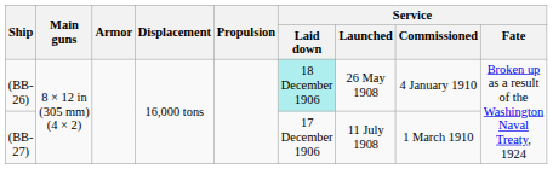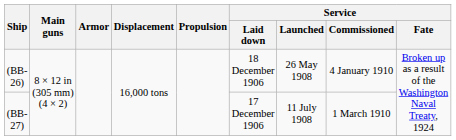 <table class="wikitable" style="width:98%;">
 <tr valign="center">
 <th scope="col" rowspan="2" style="text-align:center; width:14%;">Ship</th>
 <th scope="col" style="text-align:center;" rowspan="2">Main guns</th>
 <th scope="col" style="text-align:center;" rowspan="2">Armor</th>
 <th scope="col" style="text-align:center;" rowspan="2">Displacement</th>
 <th scope="col" style="text-align:center;" rowspan="2">Propulsion</th>
 <th scope="col" style="text-align:center;" colspan="4">Service</th>
 </tr>
 <tr valign="top">
 <th scope="col" style="text-align:center;">Laid down</th>
 <th scope="col" style="text-align:center;">Launched</th>
 <th scope="col" style="text-align:center;">Commissioned</th>
 <th scope="col" style="text-align:center;">Fate</th>
 </tr>
 <tr>
 <td style="text-align:center"><br>(BB-26)</td>
 <td style="text-align:center;" rowspan="5">8 × 12 in (305 mm) (4 × 2)</td>
 <td style="text-align:center;" rowspan="5"></td>
 <td style="text-align:center;" rowspan="5">16,000 tons</td>
 <td style="text-align:center;" rowspan="5"></td>
-<td style="background: paleturquoise; text-align:center">18 December 1906</td>
+<td style="text-align:center">18 December 1906</td>
 <td style="text-align:center">26 May 1908</td>
 <td style="text-align:center">4 January 1910</td>
 <td style="text-align:center;" rowspan="5"><a href='#'>Broken up</a> as a result of the <a href='#'>Washington Naval Treaty</a>, 1924</td>
 </tr>
 <tr>
 <td style="text-align:center"><br>(BB-27)</td>
 <td style="text-align:center">17 December 1906</td>
 <td style="text-align:center">11 July 1908</td>
 <td style="text-align:center">1 March 1910</td>
 </tr>
 </table>
